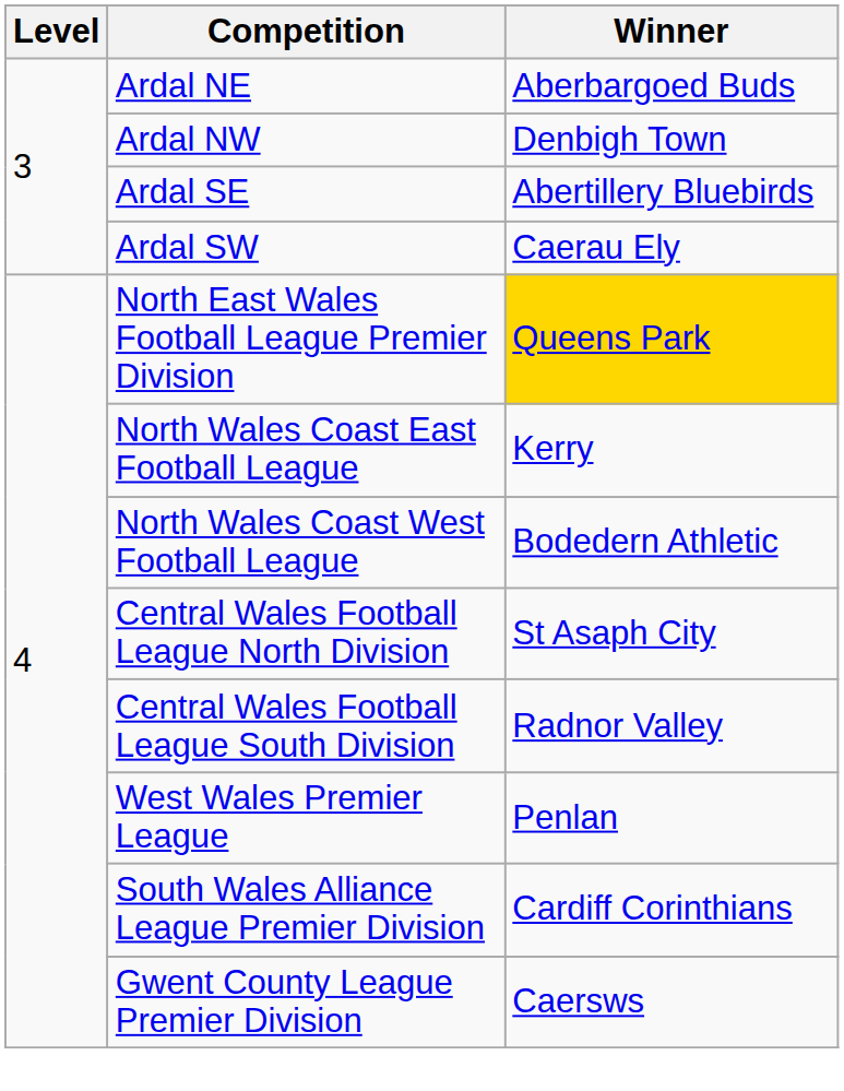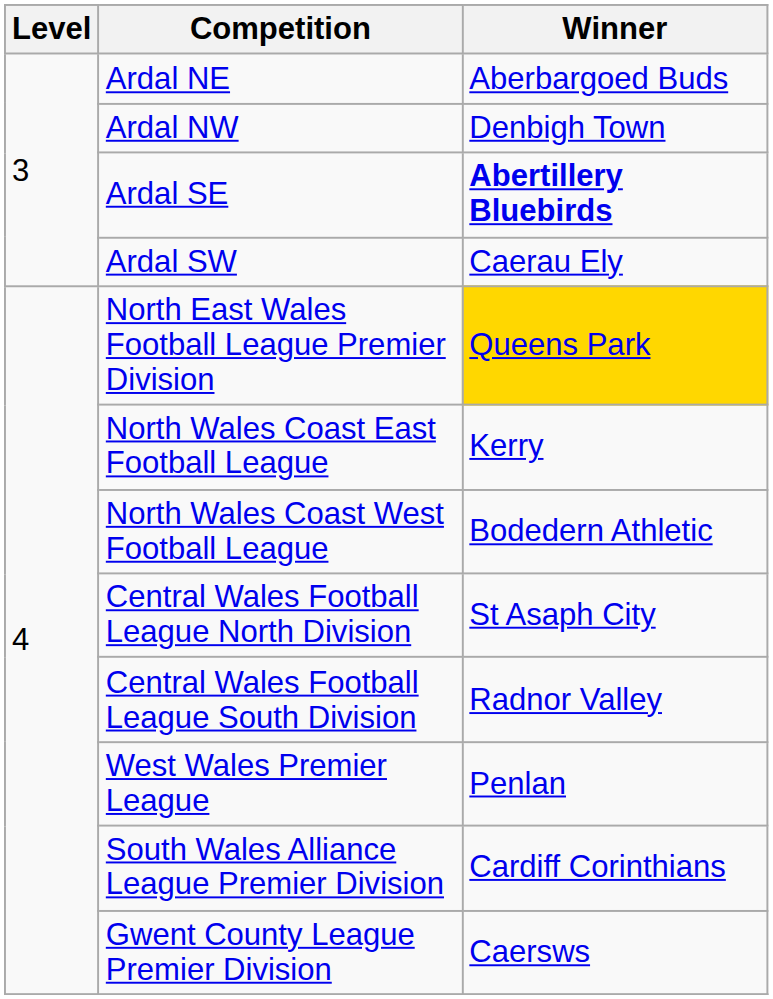 <table class="wikitable">
 <tr>
 <th>Level</th>
 <th width=180>Competition</th>
 <th width=150>Winner</th>
 </tr>
 <tr>
 <td rowspan="4">3</td>
 <td><a href='#'>Ardal NE</a></td>
 <td><a href='#'>Aberbargoed Buds</a></td>
 </tr>
 <tr>
 <td><a href='#'>Ardal NW</a></td>
 <td><a href='#'>Denbigh Town</a></td>
 </tr>
 <tr>
 <td><a href='#'>Ardal SE</a></td>
-<td><a href='#'>Abertillery Bluebirds</a></td>
+<td><strong><a href='#'>Abertillery Bluebirds</a></strong></td>
 </tr>
 <tr>
 <td><a href='#'>Ardal SW</a></td>
 <td><a href='#'>Caerau Ely</a></td>
 </tr>
 <tr>
 <td rowspan="8">4</td>
 <td><a href='#'>North East Wales Football League Premier Division</a></td>
 <td style="background: gold;"><a href='#'>Queens Park</a></td>
 </tr>
 <tr>
 <td><a href='#'>North Wales Coast East Football League</a></td>
 <td><a href='#'>Kerry</a></td>
 </tr>
 <tr>
 <td><a href='#'>North Wales Coast West Football League</a></td>
 <td><a href='#'>Bodedern Athletic</a></td>
 </tr>
 <tr>
 <td><a href='#'>Central Wales Football League North Division</a></td>
 <td><a href='#'>St Asaph City</a></td>
 </tr>
 <tr>
 <td><a href='#'>Central Wales Football League South Division</a></td>
 <td><a href='#'>Radnor Valley</a></td>
 </tr>
 <tr>
 <td><a href='#'>West Wales Premier League</a></td>
 <td><a href='#'>Penlan</a></td>
 </tr>
 <tr>
 <td><a href='#'>South Wales Alliance League Premier Division</a></td>
 <td><a href='#'>Cardiff Corinthians</a></td>
 </tr>
 <tr>
 <td><a href='#'>Gwent County League Premier Division</a></td>
 <td><a href='#'>Caersws</a></td>
 </tr>
 <tr>
 </tr>
 </table>
